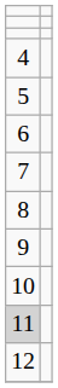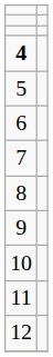 <table class="wikitable">
 <tr>
 <td align=center></td>
 <td></td>
 </tr>
 <tr>
 <td align=center></td>
 <td></td>
 </tr>
 <tr>
 <td align=center></td>
 <td></td>
 </tr>
 <tr>
-<td align=center>4</td>
+<td align=center><strong>4</strong></td>
 <td></td>
 </tr>
 <tr>
 <td align=center>5</td>
 <td></td>
 </tr>
 <tr>
 <td align=center>6</td>
 <td></td>
 </tr>
 <tr>
 <td align=center>7</td>
 <td></td>
 </tr>
 <tr>
 <td align=center>8</td>
 <td></td>
 </tr>
 <tr>
 <td align=center>9</td>
 <td></td>
 </tr>
 <tr>
 <td align=center>10</td>
 <td></td>
 </tr>
 <tr>
-<td align=center style="background: lightgrey;">11</td>
+<td align=center>11</td>
 <td></td>
 </tr>
 <tr>
 <td align=center>12</td>
 <td></td>
 </tr>
 <tr>
 </tr>
 </table>
